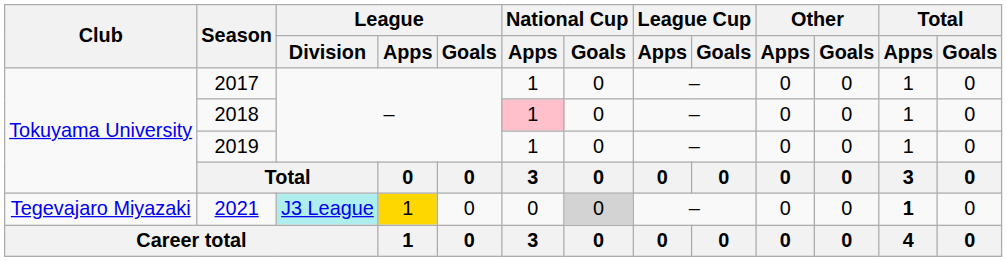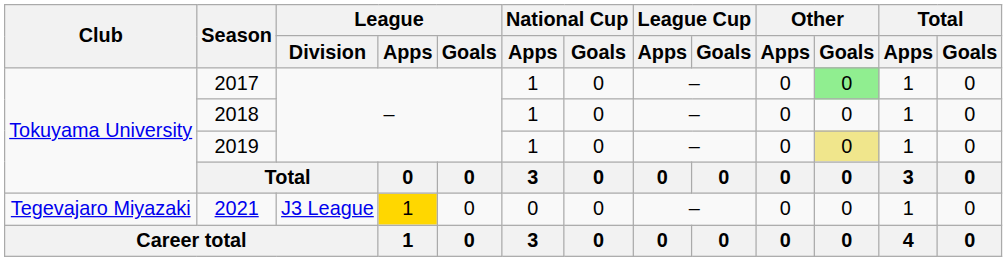 <table class="wikitable" style="text-align: center">
 <tr>
 <th rowspan="2">Club</th>
 <th rowspan="2">Season</th>
 <th colspan="3">League</th>
 <th colspan="2">National Cup</th>
 <th colspan="2">League Cup</th>
 <th colspan="2">Other</th>
 <th colspan="2">Total</th>
 </tr>
 <tr>
 <th>Division</th>
 <th>Apps</th>
 <th>Goals</th>
 <th>Apps</th>
 <th>Goals</th>
 <th>Apps</th>
 <th>Goals</th>
 <th>Apps</th>
 <th>Goals</th>
 <th>Apps</th>
 <th>Goals</th>
 </tr>
 <tr>
 <td rowspan="4"><a href='#'>Tokuyama University</a></td>
 <td>2017</td>
 <td rowspan="3" colspan="3">–</td>
 <td>1</td>
 <td>0</td>
 <td colspan="2">–</td>
 <td>0</td>
-<td>0</td>
+<td style="background: lightgreen;">0</td>
 <td>1</td>
 <td>0</td>
 </tr>
 <tr>
 <td>2018</td>
-<td style="background: pink;">1</td>
+<td>1</td>
 <td>0</td>
 <td colspan="2">–</td>
 <td>0</td>
 <td>0</td>
 <td>1</td>
 <td>0</td>
 </tr>
 <tr>
 <td>2019</td>
 <td>1</td>
 <td>0</td>
 <td colspan="2">–</td>
 <td>0</td>
-<td>0</td>
+<td style="background: khaki;">0</td>
 <td>1</td>
 <td>0</td>
 </tr>
 <tr>
 <th colspan=2>Total</th>
 <th>0</th>
 <th>0</th>
 <th>3</th>
 <th>0</th>
 <th>0</th>
 <th>0</th>
 <th>0</th>
 <th>0</th>
 <th>3</th>
 <th>0</th>
 </tr>
 <tr>
 <td><a href='#'>Tegevajaro Miyazaki</a></td>
 <td><a href='#'>2021</a></td>
-<td style="background: paleturquoise;"><a href='#'>J3 League</a></td>
+<td><a href='#'>J3 League</a></td>
 <td style="background: gold;">1</td>
 <td>0</td>
 <td>0</td>
-<td style="background: lightgrey;">0</td>
+<td>0</td>
 <td colspan="2">–</td>
 <td>0</td>
 <td>0</td>
-<td><strong>1</strong></td>
+<td>1</td>
 <td>0</td>
 </tr>
 <tr>
 <th colspan=3>Career total</th>
 <th>1</th>
 <th>0</th>
 <th>3</th>
 <th>0</th>
 <th>0</th>
 <th>0</th>
 <th>0</th>
 <th>0</th>
 <th>4</th>
 <th>0</th>
 </tr>
 </table>
